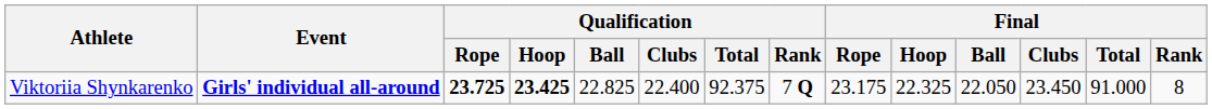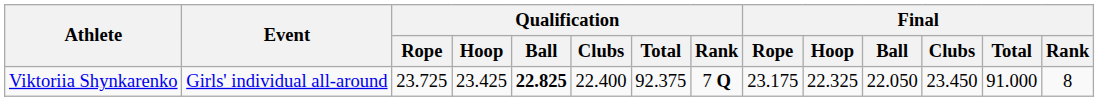 <table class="wikitable" border="1" style="font-size:90%">
 <tr>
 <th rowspan=2>Athlete</th>
 <th rowspan=2>Event</th>
 <th colspan=6>Qualification</th>
 <th colspan=6>Final</th>
 </tr>
 <tr>
 <th>Rope</th>
 <th>Hoop</th>
 <th>Ball</th>
 <th>Clubs</th>
 <th>Total</th>
 <th>Rank</th>
 <th>Rope</th>
 <th>Hoop</th>
 <th>Ball</th>
 <th>Clubs</th>
 <th>Total</th>
 <th>Rank</th>
 </tr>
 <tr>
 <td><a href='#'>Viktoriia Shynkarenko</a></td>
-<td><strong><a href='#'>Girls' individual all-around</a></strong></td>
-<td align=center><strong>23.725</strong></td>
-<td align=center><strong>23.425</strong></td>
-<td align=center>22.825</td>
+<td><a href='#'>Girls' individual all-around</a></td>
+<td align=center>23.725</td>
+<td align=center>23.425</td>
+<td align=center><strong>22.825</strong></td>
 <td align=center>22.400</td>
 <td align=center>92.375</td>
 <td align=center>7 <strong>Q</strong></td>
 <td align=center>23.175</td>
 <td align=center>22.325</td>
 <td align=center>22.050</td>
 <td align=center>23.450</td>
 <td align=center>91.000</td>
 <td align=center>8</td>
 </tr>
 </table>
